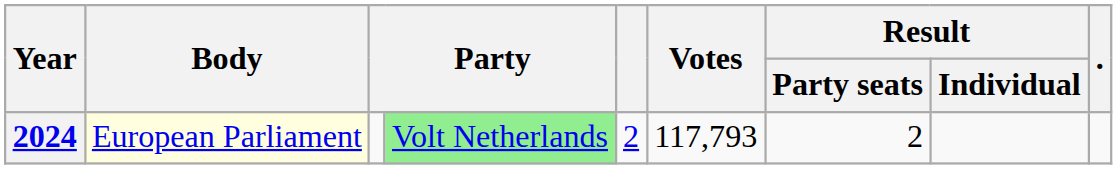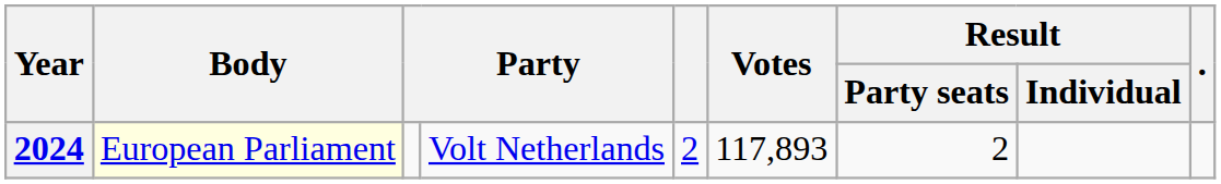 <table class="wikitable plainrowheaders sortable" border=2 cellpadding=4 cellspacing=0 style="border: 1px #aaa solid; font-size: 90%; text-align:center;">
 <tr>
 <th scope="col" rowspan=2>Year</th>
 <th scope="col" rowspan=2>Body</th>
 <th scope="col" colspan=2 rowspan=2>Party</th>
 <th scope="col" rowspan=2></th>
 <th scope="col" rowspan=2>Votes</th>
 <th scope="colgroup" colspan=2>Result</th>
 <th scope="col" rowspan=2>.</th>
 </tr>
 <tr>
 <th scope="col">Party seats</th>
 <th scope="col">Individual</th>
 </tr>
 <tr>
 <th scope="row"><a href='#'>2024</a></th>
 <td style="background: lightyellow;"><a href='#'>European Parliament</a></td>
 <td style="background-color:"></td>
-<td style="background: lightgreen;"><a href='#'>Volt Netherlands</a></td>
+<td><a href='#'>Volt Netherlands</a></td>
 <td style=text-align:right><a href='#'>2</a></td>
-<td style=text-align:right>117,793</td>
+<td style=text-align:right>117,893</td>
 <td style=text-align:right>2</td>
 <td></td>
 <td></td>
 </tr>
 </table>
